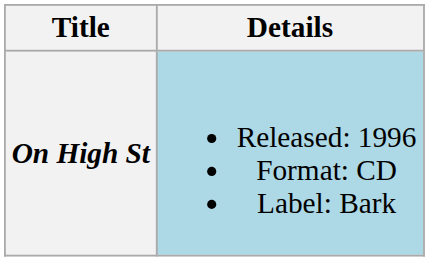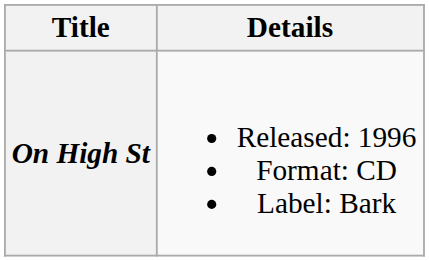 <table class="wikitable plainrowheaders" style="text-align:center;" border="1">
 <tr>
 <th>Title</th>
 <th>Details</th>
 </tr>
 <tr>
 <th scope="row"><em>On High St</em></th>
-<td style="background: lightblue;"><br><ul><li>Released: 1996</li><li>Format: CD</li><li>Label: Bark</li></ul></td>
+<td><br><ul><li>Released: 1996</li><li>Format: CD</li><li>Label: Bark</li></ul></td>
 </tr>
 </table>
